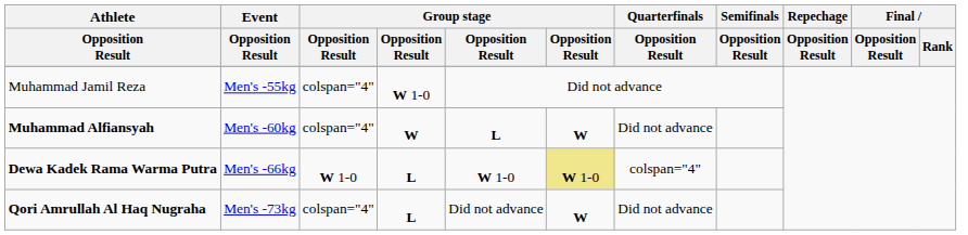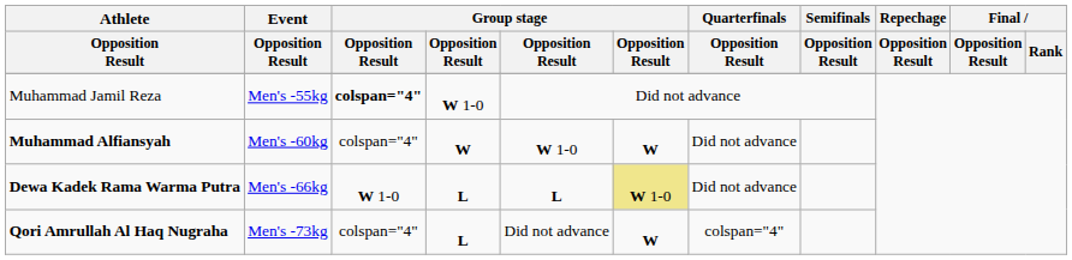 <table class="wikitable" style="font-size:85%">
 <tr>
 <th rowspan=2>Athlete</th>
 <th rowspan=2>Event</th>
 </tr>
 <tr style="font-size:90%">
 <th colspan=4>Group stage</th>
 <th>Quarterfinals</th>
 <th>Semifinals</th>
 <th>Repechage</th>
 <th colspan=2>Final / </th>
 </tr>
 <tr style="font-size:90%">
 <th>Opposition<br>Result</th>
 <th>Opposition<br>Result</th>
 <th>Opposition<br>Result</th>
 <th>Opposition<br>Result</th>
 <th>Opposition<br>Result</th>
 <th>Opposition<br>Result</th>
 <th>Opposition<br>Result</th>
 <th>Opposition<br>Result</th>
 <th>Opposition<br>Result</th>
 <th>Opposition<br>Result</th>
 <th>Rank</th>
 </tr>
 <tr>
 </tr>
 <tr align=center>
 <td align=left>Muhammad Jamil Reza</td>
 <td align=left><a href='#'>Men's -55kg</a></td>
-<td>colspan="4" </td>
+<td><strong>colspan="4" </strong></td>
 <td><br><strong>W</strong> 1-0</td>
 <td colspan="4">Did not advance</td>
 </tr>
 <tr align=center>
 <td align=left><strong>Muhammad Alfiansyah</strong></td>
 <td align=left><a href='#'>Men's -60kg</a></td>
 <td>colspan="4" </td>
 <td><br><strong>W</strong></td>
-<td><br><strong>L</strong></td>
+<td><br><strong>W</strong> 1-0</td>
 <td><br><strong>W</strong></td>
 <td>Did not advance</td>
 <td></td>
 </tr>
 <tr align=center>
 <td align=left><strong>Dewa Kadek Rama Warma Putra</strong></td>
 <td align=left><a href='#'>Men's -66kg</a></td>
 <td><br><strong>W</strong> 1-0</td>
 <td><br><strong>L</strong></td>
-<td><br><strong>W</strong> 1-0</td>
+<td><br><strong>L</strong></td>
 <td style="background: khaki;"><br><strong>W</strong> 1-0</td>
-<td>colspan="4" </td>
+<td>Did not advance</td>
 <td></td>
 </tr>
 <tr align=center>
 <td align=left><strong>Qori Amrullah Al Haq Nugraha</strong></td>
 <td align=left><a href='#'>Men's -73kg</a></td>
 <td>colspan="4" </td>
 <td><br><strong>L</strong></td>
 <td>Did not advance</td>
 <td><br><strong>W</strong></td>
-<td>Did not advance</td>
+<td>colspan="4" </td>
 <td></td>
 </tr>
 </table>
